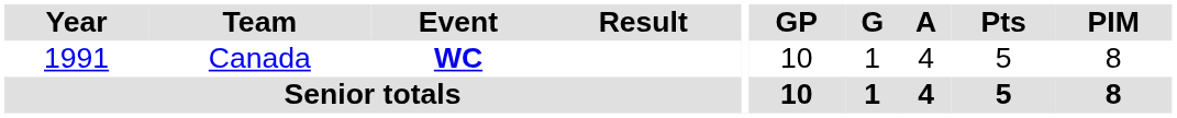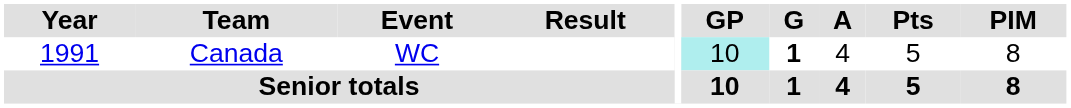 <table border="0" cellpadding="1" cellspacing="0" ID="Table3" style="text-align:center; width:40em">
 <tr ALIGN="center" bgcolor="#e0e0e0">
 <th>Year</th>
 <th>Team</th>
 <th>Event</th>
 <th>Result</th>
 <th rowspan="99" bgcolor="#ffffff"></th>
 <th>GP</th>
 <th>G</th>
 <th>A</th>
 <th>Pts</th>
 <th>PIM</th>
 </tr>
 <tr>
 <td><a href='#'>1991</a></td>
 <td><a href='#'>Canada</a></td>
-<td><strong><a href='#'>WC</a></strong></td>
+<td><a href='#'>WC</a></td>
 <td></td>
-<td>10</td>
-<td>1</td>
+<td style="background: paleturquoise;">10</td>
+<td><strong>1</strong></td>
 <td>4</td>
 <td>5</td>
 <td>8</td>
 </tr>
 <tr bgcolor="#e0e0e0">
 <th colspan="4">Senior totals</th>
 <th>10</th>
 <th>1</th>
 <th>4</th>
 <th>5</th>
 <th>8</th>
 </tr>
 </table>
